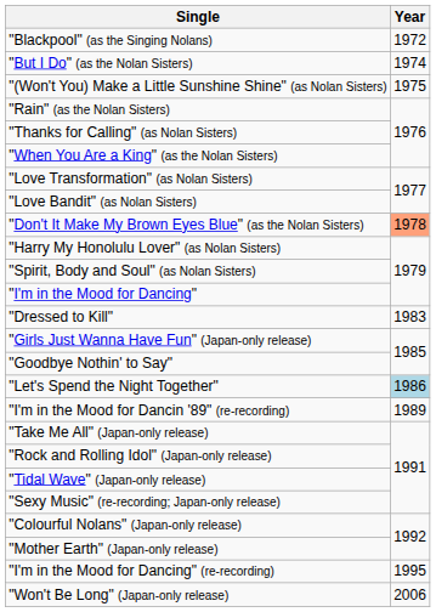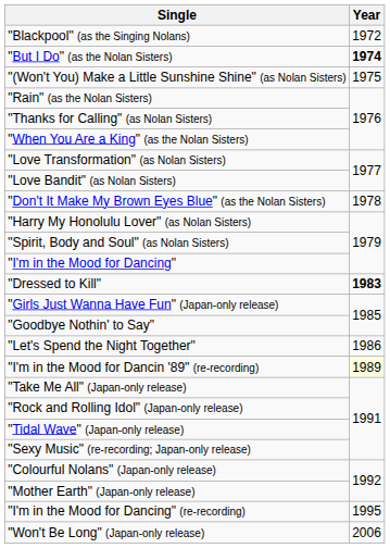 <table class="wikitable">
 <tr>
 <th>Single</th>
 <th>Year</th>
 </tr>
 <tr>
 <td>"Blackpool" <small>(as the Singing Nolans)</small></td>
 <td>1972</td>
 </tr>
 <tr>
 <td>"<a href='#'>But I Do</a>" <small>(as the Nolan Sisters)</small></td>
-<td>1974</td>
+<td><strong>1974</strong></td>
 </tr>
 <tr>
 <td>"(Won't You) Make a Little Sunshine Shine" <small>(as Nolan Sisters)</small></td>
 <td>1975</td>
 </tr>
 <tr>
 <td>"Rain" <small>(as the Nolan Sisters)</small></td>
 <td rowspan="3">1976</td>
 </tr>
 <tr>
 <td>"Thanks for Calling" <small>(as Nolan Sisters)</small></td>
 </tr>
 <tr>
 <td>"<a href='#'>When You Are a King</a>" <small>(as the Nolan Sisters)</small></td>
 </tr>
 <tr>
 <td>"Love Transformation" <small>(as Nolan Sisters)</small></td>
 <td rowspan="2">1977</td>
 </tr>
 <tr>
 <td>"Love Bandit" <small>(as Nolan Sisters)</small></td>
 </tr>
 <tr>
 <td>"<a href='#'>Don't It Make My Brown Eyes Blue</a>" <small>(as the Nolan Sisters)</small></td>
-<td style="background: lightsalmon;">1978</td>
+<td>1978</td>
 </tr>
 <tr>
 <td>"Harry My Honolulu Lover" <small>(as Nolan Sisters)</small></td>
 <td rowspan="3">1979</td>
 </tr>
 <tr>
 <td>"Spirit, Body and Soul" <small>(as Nolan Sisters)</small></td>
 </tr>
 <tr>
 <td>"<a href='#'>I'm in the Mood for Dancing</a>"</td>
 </tr>
 <tr>
 <td>"Dressed to Kill"</td>
-<td>1983</td>
+<td><strong>1983</strong></td>
 </tr>
 <tr>
 <td>"<a href='#'>Girls Just Wanna Have Fun</a>" <small>(Japan-only release)</small></td>
 <td rowspan="2">1985</td>
 </tr>
 <tr>
 <td>"Goodbye Nothin' to Say"</td>
 </tr>
 <tr>
 <td>"Let's Spend the Night Together"</td>
-<td style="background: lightblue;">1986</td>
+<td>1986</td>
 </tr>
 <tr>
 <td>"I'm in the Mood for Dancin '89" <small>(re-recording)</small></td>
-<td>1989</td>
+<td style="background: lightyellow;">1989</td>
 </tr>
 <tr>
 <td>"Take Me All" <small>(Japan-only release)</small></td>
 <td rowspan="4">1991</td>
 </tr>
 <tr>
 <td>"Rock and Rolling Idol" <small>(Japan-only release)</small></td>
 </tr>
 <tr>
 <td>"<a href='#'>Tidal Wave</a>" <small>(Japan-only release)</small></td>
 </tr>
 <tr>
 <td>"Sexy Music" <small>(re-recording; Japan-only release)</small></td>
 </tr>
 <tr>
 <td>"Colourful Nolans" <small>(Japan-only release)</small></td>
 <td rowspan="2">1992</td>
 </tr>
 <tr>
 <td>"Mother Earth" <small>(Japan-only release)</small></td>
 </tr>
 <tr>
 <td>"I'm in the Mood for Dancing" <small>(re-recording)</small></td>
 <td>1995</td>
 </tr>
 <tr>
 <td>"Won't Be Long" <small>(Japan-only release)</small></td>
 <td>2006</td>
 </tr>
 </table>
